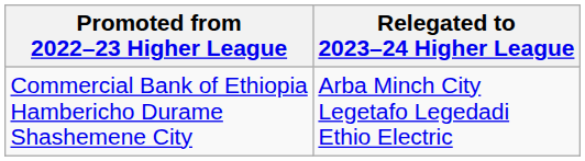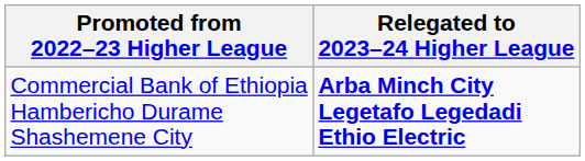 <table class="wikitable">
 <tr>
 <th> Promoted from<br><a href='#'>2022–23 Higher League</a></th>
 <th> Relegated to<br><a href='#'>2023–24 Higher League</a></th>
 </tr>
 <tr>
 <td><a href='#'>Commercial Bank of Ethiopia</a><br><a href='#'>Hambericho Durame</a><br><a href='#'>Shashemene City</a></td>
-<td><a href='#'>Arba Minch City</a><br><a href='#'>Legetafo Legedadi</a><br><a href='#'>Ethio Electric</a></td>
+<td><strong><a href='#'>Arba Minch City</a><br><a href='#'>Legetafo Legedadi</a><br><a href='#'>Ethio Electric</a></strong></td>
 </tr>
 </table>
